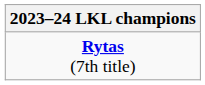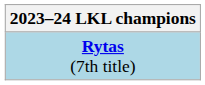 <table class=wikitable style="text-align:center; margin:auto">
 <tr>
 <th>2023–24 LKL champions</th>
 </tr>
 <tr>
-<td><strong><a href='#'>Rytas</a></strong><br>(7th title)</td>
+<td style="background: lightblue;"><strong><a href='#'>Rytas</a></strong><br>(7th title)</td>
 </tr>
 </table>
